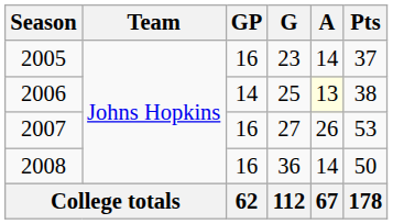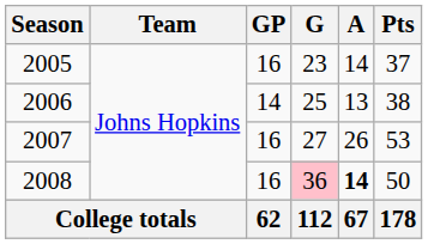 <table class="wikitable" style="text-align:center">
 <tr>
 <th>Season</th>
 <th>Team</th>
 <th>GP</th>
 <th>G</th>
 <th>A</th>
 <th>Pts</th>
 </tr>
 <tr>
 <td>2005</td>
 <td rowspan="4"><a href='#'>Johns Hopkins</a></td>
 <td>16</td>
 <td>23</td>
 <td>14</td>
 <td>37</td>
 </tr>
 <tr>
 <td>2006</td>
 <td>14</td>
 <td>25</td>
-<td style="background: lightyellow;">13</td>
+<td>13</td>
 <td>38</td>
 </tr>
 <tr>
 <td>2007</td>
 <td>16</td>
 <td>27</td>
 <td>26</td>
 <td>53</td>
 </tr>
 <tr>
 <td>2008</td>
 <td>16</td>
-<td>36</td>
-<td>14</td>
+<td style="background: pink;">36</td>
+<td><strong>14</strong></td>
 <td>50</td>
 </tr>
 <tr ALIGN="center" bgcolor="#e0e0e0">
 <th colspan="2">College totals</th>
 <th>62</th>
 <th>112</th>
 <th>67</th>
 <th>178</th>
 </tr>
 </table>
